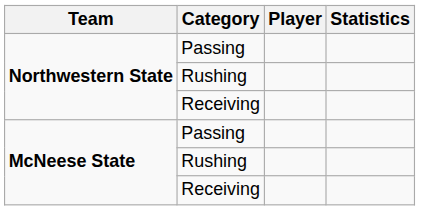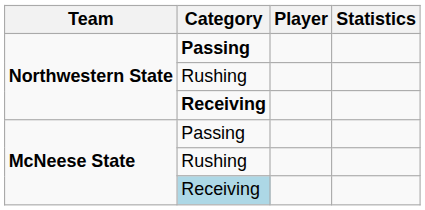 <table class="wikitable" style="float: left;">
 <tr>
 <th>Team</th>
 <th>Category</th>
 <th>Player</th>
 <th>Statistics</th>
 </tr>
 <tr>
 <td rowspan=3><strong>Northwestern State</strong></td>
-<td>Passing</td>
+<td><strong>Passing</strong></td>
 <td> </td>
 <td> </td>
 </tr>
 <tr>
 <td>Rushing</td>
 <td> </td>
 <td> </td>
 </tr>
 <tr>
-<td>Receiving</td>
+<td><strong>Receiving</strong></td>
 <td> </td>
 <td> </td>
 </tr>
 <tr>
 <td rowspan=3><strong>McNeese State</strong></td>
 <td>Passing</td>
 <td> </td>
 <td> </td>
 </tr>
 <tr>
 <td>Rushing</td>
 <td> </td>
 <td> </td>
 </tr>
 <tr>
-<td>Receiving</td>
+<td style="background: lightblue;">Receiving</td>
 <td> </td>
 <td> </td>
 </tr>
 </table>
